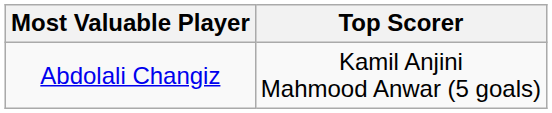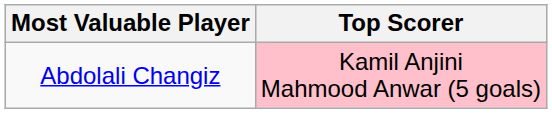 <table class="wikitable" style="text-align:center; margin:auto;">
 <tr>
 <th>Most Valuable Player</th>
 <th>Top Scorer</th>
 </tr>
 <tr>
 <td> <a href='#'>Abdolali Changiz</a></td>
-<td> Kamil Anjini<br>Mahmood Anwar (5 goals)</td>
+<td style="background: pink;"> Kamil Anjini<br>Mahmood Anwar (5 goals)</td>
 </tr>
 </table>
